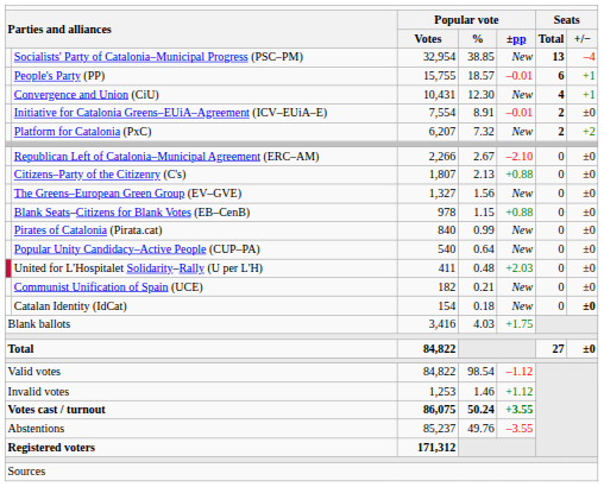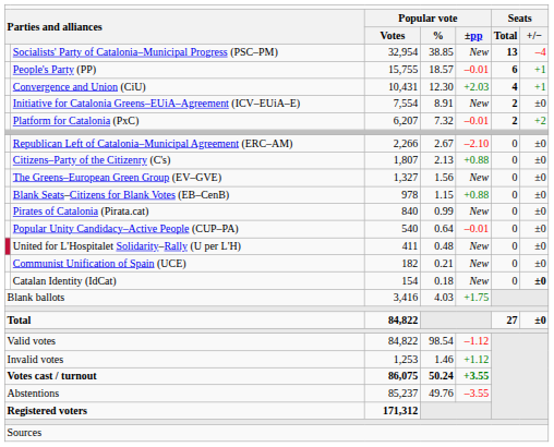 <table class="wikitable" style="text-align:right;">
 <tr>
 <td colspan="7"></td>
 </tr>
 <tr>
 <th style="text-align:left;" rowspan="2" colspan="2" width="525">Parties and alliances</th>
 <th colspan="3">Popular vote</th>
 <th colspan="2">Seats</th>
 </tr>
 <tr>
 <th width="75">Votes</th>
 <th width="45">%</th>
 <th width="45">±<a href='#'>pp</a></th>
 <th width="35">Total</th>
 <th width="35">+/−</th>
 </tr>
 <tr>
 <td width="1" style="color:inherit;background:"></td>
 <td align="left"><a href='#'>Socialists' Party of Catalonia–Municipal Progress</a> (PSC–PM)</td>
 <td>32,954</td>
 <td>38.85</td>
 <td><em>New</em></td>
 <td><strong>13</strong></td>
 <td style="color:red;">–4</td>
 </tr>
 <tr>
 <td style="color:inherit;background:"></td>
 <td align="left"><a href='#'>People's Party</a> (PP)</td>
 <td>15,755</td>
 <td>18.57</td>
 <td style="color:red;">–0.01</td>
 <td><strong>6</strong></td>
 <td style="color:green;">+1</td>
 </tr>
 <tr>
 <td style="color:inherit;background:"></td>
 <td align="left"><a href='#'>Convergence and Union</a> (CiU)</td>
 <td>10,431</td>
 <td>12.30</td>
-<td><em>New</em></td>
+<td style="color:green;">+2.03</td>
 <td><strong>4</strong></td>
 <td style="color:green;">+1</td>
 </tr>
 <tr>
 <td style="color:inherit;background:"></td>
 <td align="left"><a href='#'>Initiative for Catalonia Greens–EUiA–Agreement</a> (ICV–EUiA–E)</td>
 <td>7,554</td>
 <td>8.91</td>
-<td style="color:red;">–0.01</td>
+<td><em>New</em></td>
 <td><strong>2</strong></td>
 <td>±0</td>
 </tr>
 <tr>
 <td style="color:inherit;background:"></td>
 <td align="left"><a href='#'>Platform for Catalonia</a> (PxC)</td>
 <td>6,207</td>
 <td>7.32</td>
-<td><em>New</em></td>
+<td style="color:red;">–0.01</td>
 <td><strong>2</strong></td>
 <td style="color:green;">+2</td>
 </tr>
 <tr>
 <td colspan="7" style="color:inherit;background:#C0C0C0"></td>
 </tr>
 <tr>
 <td style="color:inherit;background:"></td>
 <td align="left"><a href='#'>Republican Left of Catalonia–Municipal Agreement</a> (ERC–AM)</td>
 <td>2,266</td>
 <td>2.67</td>
 <td style="color:red;">–2.10</td>
 <td>0</td>
 <td>±0</td>
 </tr>
 <tr>
 <td style="color:inherit;background:"></td>
 <td align="left"><a href='#'>Citizens–Party of the Citizenry</a> (C's)</td>
 <td>1,807</td>
 <td>2.13</td>
 <td style="color:green;">+0.88</td>
 <td>0</td>
 <td>±0</td>
 </tr>
 <tr>
 <td style="color:inherit;background:"></td>
 <td align="left"><a href='#'>The Greens–European Green Group</a> (EV–GVE)</td>
 <td>1,327</td>
 <td>1.56</td>
 <td><em>New</em></td>
 <td>0</td>
 <td>±0</td>
 </tr>
 <tr>
 <td style="color:inherit;background:"></td>
 <td align="left"><a href='#'>Blank Seats</a>–<a href='#'>Citizens for Blank Votes</a> (EB–CenB)</td>
 <td>978</td>
 <td>1.15</td>
 <td style="color:green;">+0.88</td>
 <td>0</td>
 <td>±0</td>
 </tr>
 <tr>
 <td style="color:inherit;background:"></td>
 <td align="left"><a href='#'>Pirates of Catalonia</a> (Pirata.cat)</td>
 <td>840</td>
 <td>0.99</td>
 <td><em>New</em></td>
 <td>0</td>
 <td>±0</td>
 </tr>
 <tr>
 <td style="color:inherit;background:"></td>
 <td align="left"><a href='#'>Popular Unity Candidacy–Active People</a> (CUP–PA)</td>
 <td>540</td>
 <td>0.64</td>
-<td><em>New</em></td>
+<td style="color:red;">–0.01</td>
 <td>0</td>
 <td>±0</td>
 </tr>
 <tr>
 <td style="color:inherit;background:#C3103A"></td>
 <td align="left">United for L'Hospitalet <a href='#'>Solidarity</a>–<a href='#'>Rally</a> (U per L'H)</td>
 <td>411</td>
 <td>0.48</td>
-<td style="color:green;">+2.03</td>
+<td><em>New</em></td>
 <td>0</td>
 <td>±0</td>
 </tr>
 <tr>
 <td style="color:inherit;background:"></td>
 <td align="left"><a href='#'>Communist Unification of Spain</a> (UCE)</td>
 <td>182</td>
 <td>0.21</td>
 <td><em>New</em></td>
 <td>0</td>
 <td>±0</td>
 </tr>
 <tr>
 <td bgcolor="white"></td>
 <td align="left">Catalan Identity (IdCat)</td>
 <td>154</td>
 <td>0.18</td>
 <td><em>New</em></td>
 <td>0</td>
 <td><strong>±0</strong></td>
 </tr>
 <tr>
 <td align="left" colspan="2">Blank ballots</td>
 <td>3,416</td>
 <td>4.03</td>
 <td style="color:green;">+1.75</td>
 <td style="color:inherit;background:#E9E9E9" colspan="2"></td>
 </tr>
 <tr>
 <td colspan="7" style="color:inherit;background:#E9E9E9"></td>
 </tr>
 <tr style="font-weight:bold;">
 <td align="left" colspan="2">Total</td>
 <td>84,822</td>
 <td bgcolor="#E9E9E9" colspan="2"></td>
 <td>27</td>
 <td>±0</td>
 </tr>
 <tr>
 <td colspan="7" style="color:inherit;background:#E9E9E9"></td>
 </tr>
 <tr>
 <td align="left" colspan="2">Valid votes</td>
 <td>84,822</td>
 <td>98.54</td>
 <td style="color:red;">–1.12</td>
 <td bgcolor="#E9E9E9" colspan="2" rowspan="5"></td>
 </tr>
 <tr>
 <td align="left" colspan="2">Invalid votes</td>
 <td>1,253</td>
 <td>1.46</td>
 <td style="color:green;">+1.12</td>
 </tr>
 <tr style="font-weight:bold;">
 <td align="left" colspan="2">Votes cast / turnout</td>
 <td>86,075</td>
 <td>50.24</td>
 <td style="color:green;">+3.55</td>
 </tr>
 <tr>
 <td align="left" colspan="2">Abstentions</td>
 <td>85,237</td>
 <td>49.76</td>
 <td style="color:red;">–3.55</td>
 </tr>
 <tr style="font-weight:bold;">
 <td align="left" colspan="2">Registered voters</td>
 <td>171,312</td>
 <td bgcolor="#E9E9E9" colspan="2"></td>
 </tr>
 <tr>
 <td colspan="7" style="color:inherit;background:#E9E9E9"></td>
 </tr>
 <tr>
 <td align="left" colspan="7">Sources</td>
 </tr>
 </table>
